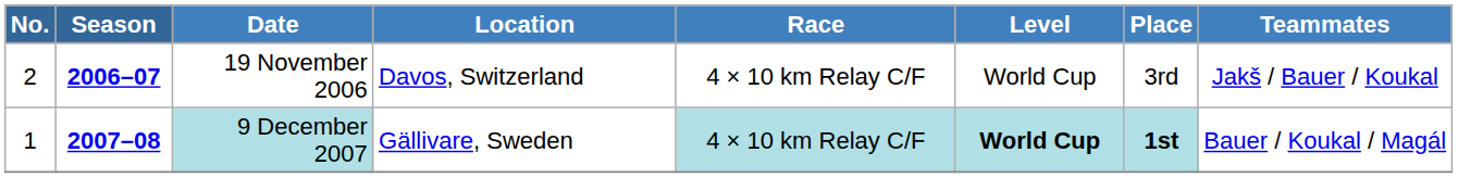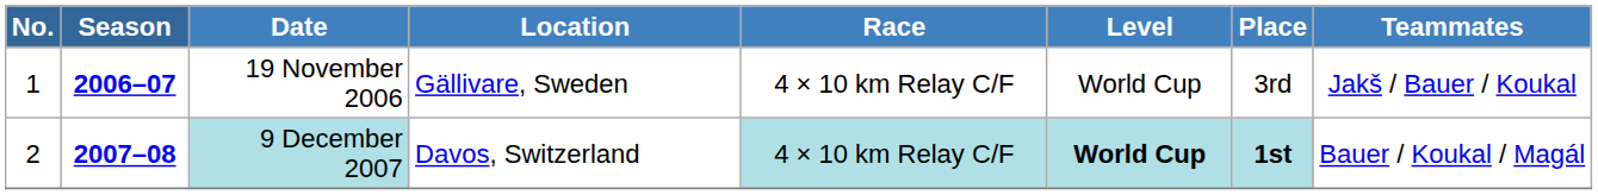 <table class="wikitable sortable" style="font-size:95%; text-align:center; border:grey solid 1px; border-collapse:collapse; background:#ffffff;">
 <tr style="background:#efefef;">
 <th style="background-color:#369; color:white;">No.</th>
 <th style="background-color:#369; color:white;">Season</th>
 <th style="background-color:#4180be; color:white; width:120px;">Date</th>
 <th style="background-color:#4180be; color:white; width:185px;">Location</th>
 <th style="background-color:#4180be; color:white; width:170px;">Race</th>
 <th style="background-color:#4180be; color:white; width:100px;">Level</th>
 <th style="background-color:#4180be; color:white;">Place</th>
 <th style="background-color:#4180be; color:white;">Teammates</th>
 </tr>
 <tr>
-<td align=center>2</td>
+<td align=center>1</td>
 <td rowspan=1 align=center><strong> <a href='#'>2006–07</a> </strong></td>
 <td align=right>19 November 2006</td>
-<td align=left> <a href='#'>Davos</a>, Switzerland</td>
+<td align=left> <a href='#'>Gällivare</a>, Sweden</td>
 <td>4 × 10 km Relay C/F</td>
 <td>World Cup</td>
 <td>3rd</td>
 <td><a href='#'>Jakš</a> / <a href='#'>Bauer</a> / <a href='#'>Koukal</a></td>
 </tr>
 <tr>
-<td align=center>1</td>
+<td align=center>2</td>
 <td rowspan=1 align=center><strong><a href='#'>2007–08</a></strong></td>
 <td bgcolor="#BOEOE6" align=right>9 December 2007</td>
-<td align=left> <a href='#'>Gällivare</a>, Sweden</td>
+<td align=left> <a href='#'>Davos</a>, Switzerland</td>
 <td bgcolor="#BOEOE6">4 × 10 km Relay C/F</td>
 <td bgcolor="#BOEOE6"><strong>World Cup</strong></td>
 <td bgcolor="#BOEOE6"><strong>1st</strong></td>
 <td><a href='#'>Bauer</a> / <a href='#'>Koukal</a> / <a href='#'>Magál</a></td>
 </tr>
 <tr>
 </tr>
 </table>
